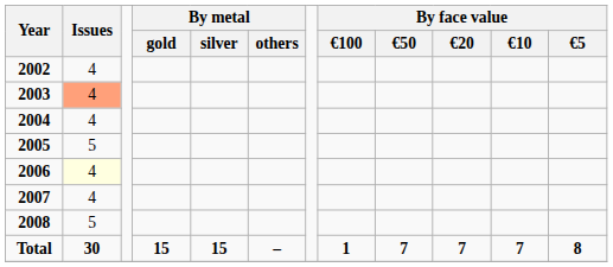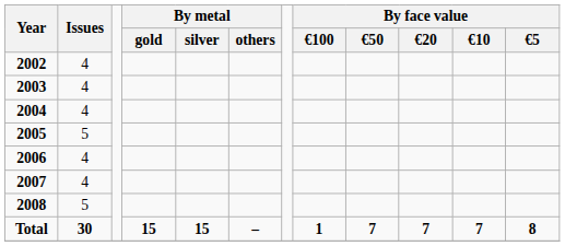 <table class="wikitable" style="text-align: center;">
 <tr>
 <th rowspan=2  width=50px>Year</th>
 <th rowspan=2  width=50px>Issues</th>
 <td rowspan=10> </td>
 <th colspan=3>By metal</th>
 <td rowspan=10> </td>
 <th colspan=5>By face value</th>
 </tr>
 <tr>
 <th width=50px>gold</th>
 <th width=50px>silver</th>
 <th width=50px>others</th>
 <th width=50px>€100</th>
 <th width=50px>€50</th>
 <th width=50px>€20</th>
 <th width=50px>€10</th>
 <th width=50px>€5</th>
 </tr>
 <tr>
 <td style="text-align: center;"><strong>2002</strong></td>
 <td>4</td>
 <td></td>
 <td></td>
 <td></td>
 <td></td>
 <td></td>
 <td></td>
 <td></td>
 <td></td>
 </tr>
 <tr>
 <td style="text-align: center;"><strong>2003</strong></td>
-<td style="background: lightsalmon;">4</td>
+<td>4</td>
 <td></td>
 <td></td>
 <td></td>
 <td></td>
 <td></td>
 <td></td>
 <td></td>
 <td></td>
 </tr>
 <tr>
 <td style="text-align: center;"><strong>2004</strong></td>
 <td>4</td>
 <td></td>
 <td></td>
 <td></td>
 <td></td>
 <td></td>
 <td></td>
 <td></td>
 <td></td>
 </tr>
 <tr>
 <td style="text-align: center;"><strong>2005</strong></td>
 <td>5</td>
 <td></td>
 <td></td>
 <td></td>
 <td></td>
 <td></td>
 <td></td>
 <td></td>
 <td></td>
 </tr>
 <tr>
 <td style="text-align: center;"><strong>2006</strong></td>
-<td style="background: lightyellow;">4</td>
+<td>4</td>
 <td></td>
 <td></td>
 <td></td>
 <td></td>
 <td></td>
 <td></td>
 <td></td>
 <td></td>
 </tr>
 <tr>
 <td style="text-align: center;"><strong>2007</strong></td>
 <td>4</td>
 <td></td>
 <td></td>
 <td></td>
 <td></td>
 <td></td>
 <td></td>
 <td></td>
 <td></td>
 </tr>
 <tr>
 <td style="text-align: center;"><strong>2008</strong></td>
 <td>5</td>
 <td></td>
 <td></td>
 <td></td>
 <td></td>
 <td></td>
 <td></td>
 <td></td>
 <td></td>
 </tr>
 <tr>
 <td style="text-align: center;"><strong>Total</strong></td>
 <td><strong>30</strong></td>
 <td><strong>15</strong></td>
 <td><strong>15</strong></td>
 <td><strong>–</strong></td>
 <td><strong>1</strong></td>
 <td><strong>7</strong></td>
 <td><strong>7</strong></td>
 <td><strong>7</strong></td>
 <td><strong>8</strong></td>
 </tr>
 <tr>
 </tr>
 </table>
